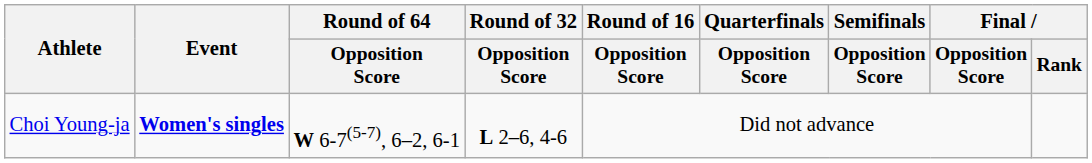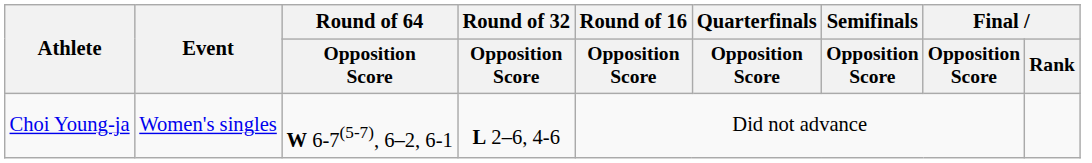 <table class=wikitable style="font-size:90%">
 <tr>
 <th rowspan="2">Athlete</th>
 <th rowspan="2">Event</th>
 <th>Round of 64</th>
 <th>Round of 32</th>
 <th>Round of 16</th>
 <th>Quarterfinals</th>
 <th>Semifinals</th>
 <th colspan=2>Final / </th>
 </tr>
 <tr style="font-size:95%">
 <th>Opposition<br>Score</th>
 <th>Opposition<br>Score</th>
 <th>Opposition<br>Score</th>
 <th>Opposition<br>Score</th>
 <th>Opposition<br>Score</th>
 <th>Opposition<br>Score</th>
 <th>Rank</th>
 </tr>
 <tr align=center>
 <td align=left><a href='#'>Choi Young-ja</a></td>
-<td align=left><strong><a href='#'>Women's singles</a></strong></td>
+<td align=left><a href='#'>Women's singles</a></td>
 <td><br><strong>W</strong> 6-7<sup>(5-7)</sup>, 6–2, 6-1</td>
 <td><br><strong>L</strong> 2–6, 4-6</td>
 <td colspan=4>Did not advance</td>
 </tr>
 </table>
